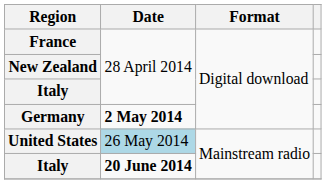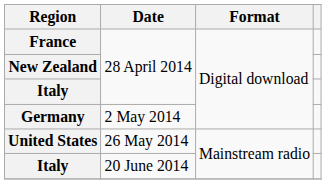 <table class="wikitable sortable plainrowheaders">
 <tr>
 <th scope="col">Region</th>
 <th scope="col">Date</th>
 <th scope="col">Format</th>
 <th scope="col"></th>
 </tr>
 <tr>
 <th scope="row">France</th>
 <td rowspan="3">28 April 2014</td>
 <td rowspan="4">Digital download</td>
 <td></td>
 </tr>
 <tr>
 <th scope="row">New Zealand</th>
 <td></td>
 </tr>
 <tr>
 <th scope="row">Italy</th>
 <td></td>
 </tr>
 <tr>
 <th scope="row">Germany</th>
-<td><strong>2 May 2014</strong></td>
+<td>2 May 2014</td>
 <td></td>
 </tr>
 <tr>
 <th scope="row">United States</th>
-<td style="background: lightblue;">26 May 2014</td>
+<td>26 May 2014</td>
 <td rowspan="2">Mainstream radio</td>
 <td></td>
 </tr>
 <tr>
 <th scope="row">Italy</th>
-<td><strong>20 June 2014</strong></td>
+<td>20 June 2014</td>
 <td></td>
 </tr>
 <tr>
 </tr>
 </table>
